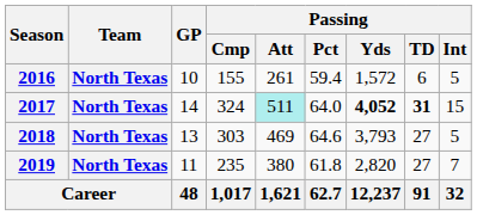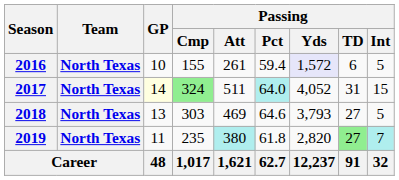 <table class="wikitable" style="text-align:center;">
 <tr>
 <th rowspan="2">Season</th>
 <th rowspan="2">Team</th>
 <th rowspan="2">GP</th>
 <th colspan="6">Passing</th>
 </tr>
 <tr>
 <th>Cmp</th>
 <th>Att</th>
 <th>Pct</th>
 <th>Yds</th>
 <th>TD</th>
 <th>Int</th>
 </tr>
 <tr>
 <th><a href='#'>2016</a></th>
 <th><a href='#'>North Texas</a></th>
 <td>10</td>
 <td>155</td>
 <td>261</td>
 <td>59.4</td>
-<td>1,572</td>
+<td style="background: lavender;">1,572</td>
 <td>6</td>
 <td>5</td>
 </tr>
 <tr>
 <th><a href='#'>2017</a></th>
 <th><a href='#'>North Texas</a></th>
-<td>14</td>
-<td>324</td>
-<td style="background: paleturquoise;">511</td>
-<td>64.0</td>
-<td><strong>4,052</strong></td>
-<td><strong>31</strong></td>
+<td style="background: lightyellow;">14</td>
+<td style="background: lightgreen;">324</td>
+<td>511</td>
+<td style="background: paleturquoise;">64.0</td>
+<td>4,052</td>
+<td>31</td>
 <td>15</td>
 </tr>
 <tr>
 <th><a href='#'>2018</a></th>
 <th><a href='#'>North Texas</a></th>
 <td>13</td>
 <td>303</td>
 <td>469</td>
 <td>64.6</td>
 <td>3,793</td>
 <td>27</td>
 <td>5</td>
 </tr>
 <tr>
 <th><a href='#'>2019</a></th>
 <th><a href='#'>North Texas</a></th>
 <td>11</td>
 <td>235</td>
-<td>380</td>
+<td style="background: paleturquoise;">380</td>
 <td>61.8</td>
 <td>2,820</td>
-<td>27</td>
-<td>7</td>
+<td style="background: lightgreen;">27</td>
+<td style="background: paleturquoise;">7</td>
 </tr>
 <tr>
 <th colspan="2">Career</th>
 <th>48</th>
 <th>1,017</th>
 <th>1,621</th>
 <th>62.7</th>
 <th>12,237</th>
 <th>91</th>
 <th>32</th>
 </tr>
 </table>
